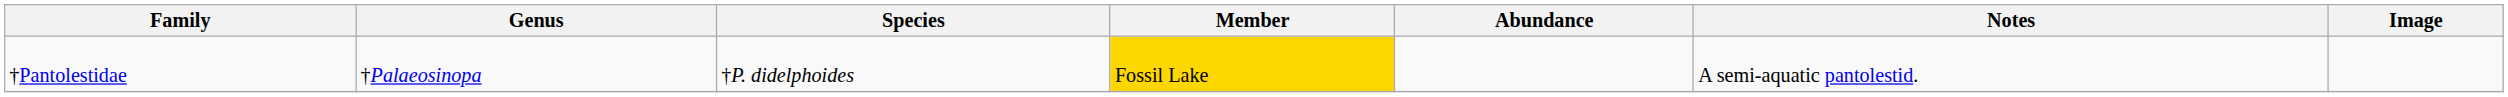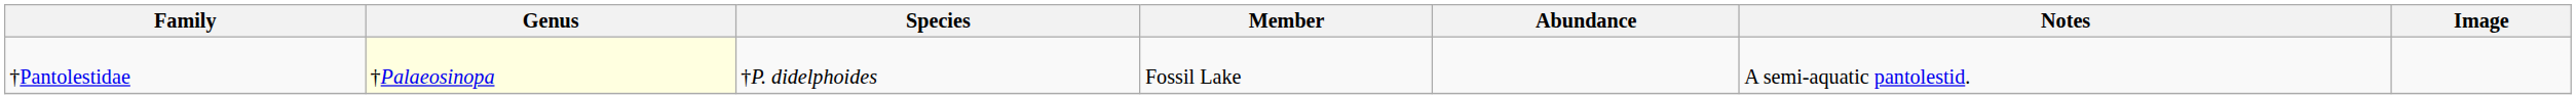 <table class="wikitable" style="margin:auto;width:100%;">
 <tr>
 <th>Family</th>
 <th>Genus</th>
 <th>Species</th>
 <th>Member</th>
 <th>Abundance</th>
 <th>Notes</th>
 <th>Image</th>
 </tr>
 <tr>
 <td><br>†<a href='#'>Pantolestidae</a></td>
-<td><br>†<em><a href='#'>Palaeosinopa</a></em></td>
+<td style="background: lightyellow;"><br>†<em><a href='#'>Palaeosinopa</a></em></td>
 <td><br>†<em>P. didelphoides</em></td>
-<td style="background: gold;"><br>Fossil Lake</td>
+<td><br>Fossil Lake</td>
 <td></td>
 <td><br>A semi-aquatic <a href='#'>pantolestid</a>.</td>
 <td><br></td>
 </tr>
 <tr>
 </tr>
 </table>
